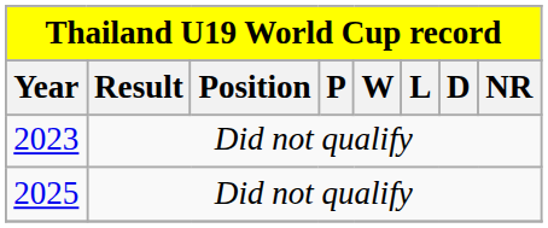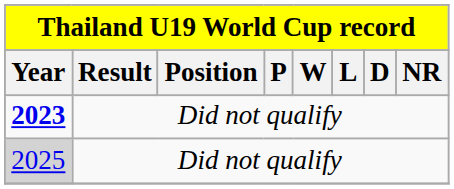 <table class="wikitable" style="font-size:90%; text-align:center;">
 <tr>
 <th style="color:Black; background:#FFFF00;" colspan=9>Thailand U19 World Cup record</th>
 </tr>
 <tr>
 <th>Year</th>
 <th>Result</th>
 <th>Position</th>
 <th>P</th>
 <th>W</th>
 <th>L</th>
 <th>D</th>
 <th>NR</th>
 </tr>
 <tr>
-<td> <a href='#'>2023</a></td>
+<td><strong> <a href='#'>2023</a></strong></td>
 <td colspan="7"><em>Did not qualify</em></td>
 </tr>
 <tr>
-<td> <a href='#'>2025</a></td>
+<td style="background: lightgrey;"> <a href='#'>2025</a></td>
 <td colspan="7"><em>Did not qualify</em></td>
 </tr>
 <tr>
 </tr>
 </table>
